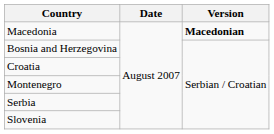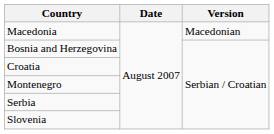 <table class="wikitable">
 <tr>
 <th>Country</th>
 <th>Date</th>
 <th>Version</th>
 </tr>
 <tr>
 <td>Macedonia</td>
 <td rowspan="6">August 2007</td>
-<td><strong>Macedonian</strong></td>
+<td>Macedonian</td>
 </tr>
 <tr>
 <td>Bosnia and Herzegovina</td>
 <td rowspan="5">Serbian / Croatian</td>
 </tr>
 <tr>
 <td>Croatia</td>
 </tr>
 <tr>
 <td>Montenegro</td>
 </tr>
 <tr>
 <td>Serbia</td>
 </tr>
 <tr>
 <td>Slovenia</td>
 </tr>
 </table>
